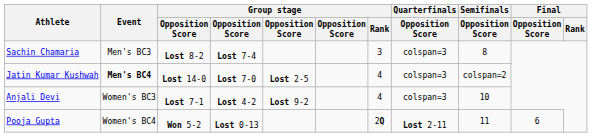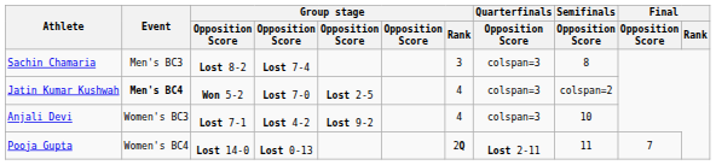 <table class="wikitable" style="text-align:center; font-size:85%">
 <tr>
 <th rowspan="2">Athlete</th>
 <th rowspan="2">Event</th>
 <th colspan="5">Group stage</th>
 <th>Quarterfinals</th>
 <th>Semifinals</th>
 <th colspan="2">Final</th>
 </tr>
 <tr>
 <th>Opposition<br>Score</th>
 <th>Opposition<br>Score</th>
 <th>Opposition<br>Score</th>
 <th>Opposition<br>Score</th>
 <th>Rank</th>
 <th>Opposition<br>Score</th>
 <th>Opposition<br>Score</th>
 <th>Opposition<br>Score</th>
 <th>Rank</th>
 </tr>
 <tr>
 <td align="left"><a href='#'>Sachin Chamaria</a></td>
 <td>Men's BC3</td>
 <td><br><strong>Lost</strong> 8-2</td>
 <td><br><strong>Lost</strong> 7-4</td>
 <td></td>
 <td></td>
 <td>3</td>
 <td>colspan=3 </td>
 <td>8</td>
 </tr>
 <tr>
 <td align="left"><a href='#'>Jatin Kumar Kushwah</a></td>
 <td><strong>Men's BC4</strong></td>
-<td><br><strong>Lost</strong> 14-0</td>
+<td><br><strong>Won</strong> 5-2</td>
 <td><br><strong>Lost</strong> 7-0</td>
 <td><br><strong>Lost</strong> 2-5</td>
 <td></td>
 <td>4</td>
 <td>colspan=3 </td>
 <td>colspan=2 </td>
 </tr>
 <tr>
 <td align="left"><a href='#'>Anjali Devi</a></td>
 <td>Women's BC3</td>
 <td><br><strong>Lost</strong> 7-1</td>
 <td><br><strong>Lost</strong> 4-2</td>
 <td><br><strong>Lost</strong> 9-2</td>
 <td></td>
 <td>4</td>
 <td>colspan=3 </td>
 <td>10</td>
 </tr>
 <tr>
 <td align="left"><a href='#'>Pooja Gupta</a></td>
 <td>Women's BC4</td>
-<td><br><strong>Won</strong> 5-2</td>
+<td><br><strong>Lost</strong> 14-0</td>
 <td><br><strong>Lost</strong> 0-13</td>
 <td></td>
 <td></td>
 <td>2<strong>Q</strong></td>
 <td><br><strong>Lost</strong> 2-11</td>
 <td>11</td>
-<td>6</td>
+<td>7</td>
 </tr>
 </table>
